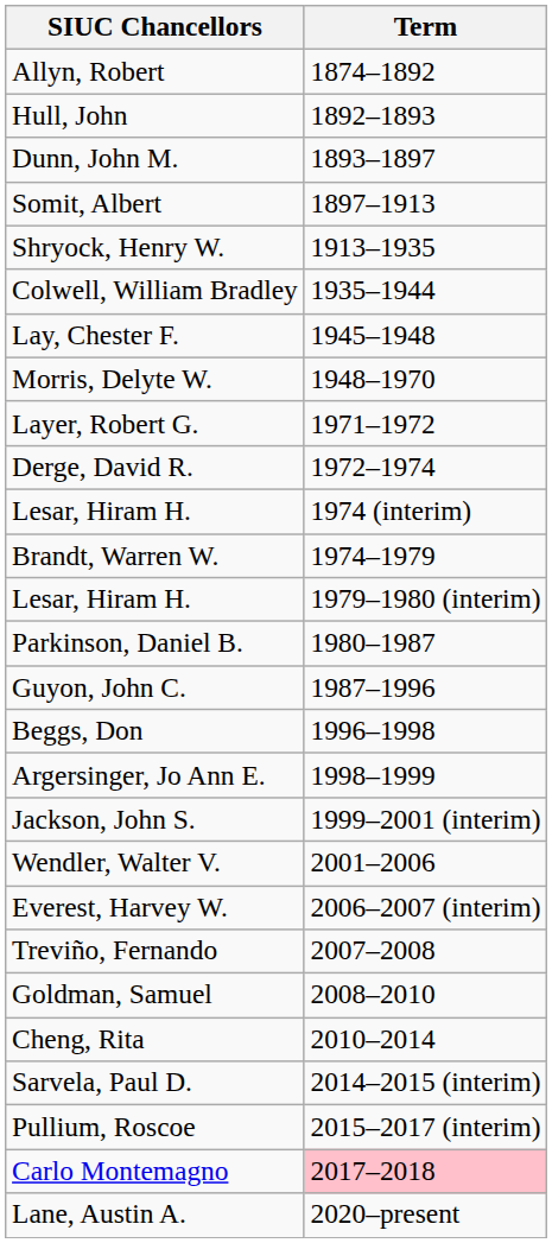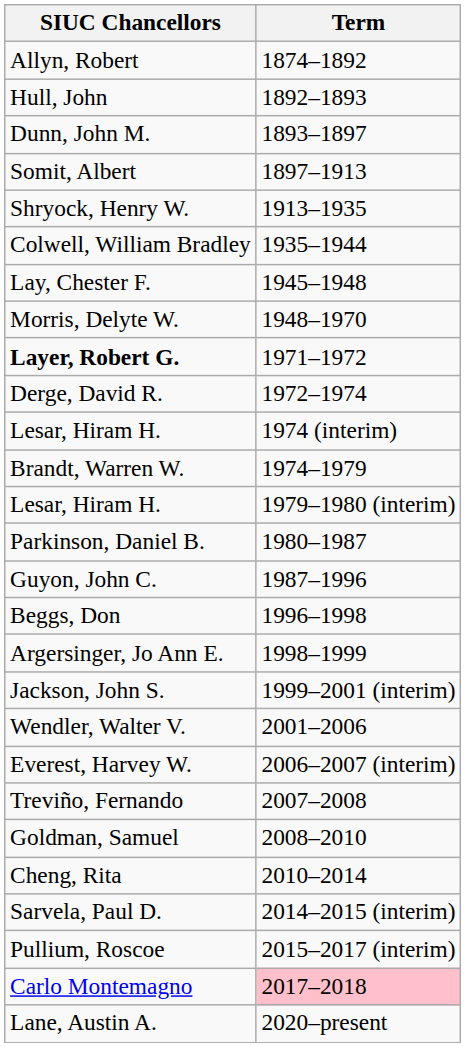 <table class="wikitable">
 <tr>
 <th>SIUC Chancellors</th>
 <th>Term</th>
 </tr>
 <tr>
 <td>Allyn, Robert</td>
 <td>1874–1892</td>
 </tr>
 <tr>
 <td>Hull, John</td>
 <td>1892–1893</td>
 </tr>
 <tr>
 <td>Dunn, John M.</td>
 <td>1893–1897</td>
 </tr>
 <tr>
 <td>Somit, Albert</td>
 <td>1897–1913</td>
 </tr>
 <tr>
 <td>Shryock, Henry W.</td>
 <td>1913–1935</td>
 </tr>
 <tr>
 <td>Colwell, William Bradley</td>
 <td>1935–1944</td>
 </tr>
 <tr>
 <td>Lay, Chester F.</td>
 <td>1945–1948</td>
 </tr>
 <tr>
 <td>Morris, Delyte W.</td>
 <td>1948–1970</td>
 </tr>
 <tr>
-<td>Layer, Robert G.</td>
+<td><strong>Layer, Robert G.</strong></td>
 <td>1971–1972</td>
 </tr>
 <tr>
 <td>Derge, David R.</td>
 <td>1972–1974</td>
 </tr>
 <tr>
 <td>Lesar, Hiram H.</td>
 <td>1974 (interim)</td>
 </tr>
 <tr>
 <td>Brandt, Warren W.</td>
 <td>1974–1979</td>
 </tr>
 <tr>
 <td>Lesar, Hiram H.</td>
 <td>1979–1980 (interim)</td>
 </tr>
 <tr>
 <td>Parkinson, Daniel B.</td>
 <td>1980–1987</td>
 </tr>
 <tr>
 <td>Guyon, John C.</td>
 <td>1987–1996</td>
 </tr>
 <tr>
 <td>Beggs, Don</td>
 <td>1996–1998</td>
 </tr>
 <tr>
 <td>Argersinger, Jo Ann E.</td>
 <td>1998–1999</td>
 </tr>
 <tr>
 <td>Jackson, John S.</td>
 <td>1999–2001 (interim)</td>
 </tr>
 <tr>
 <td>Wendler, Walter V.</td>
 <td>2001–2006</td>
 </tr>
 <tr>
 <td>Everest, Harvey W.</td>
 <td>2006–2007 (interim)</td>
 </tr>
 <tr>
 <td>Treviño, Fernando</td>
 <td>2007–2008</td>
 </tr>
 <tr>
 <td>Goldman, Samuel</td>
 <td>2008–2010</td>
 </tr>
 <tr>
 <td>Cheng, Rita</td>
 <td>2010–2014</td>
 </tr>
 <tr>
 <td>Sarvela, Paul D.</td>
 <td>2014–2015 (interim)</td>
 </tr>
 <tr>
 <td>Pullium, Roscoe</td>
 <td>2015–2017 (interim)</td>
 </tr>
 <tr>
 <td><a href='#'>Carlo Montemagno</a></td>
 <td style="background: pink;">2017–2018</td>
 </tr>
 <tr>
 <td>Lane, Austin A.</td>
 <td>2020–present</td>
 </tr>
 </table>
